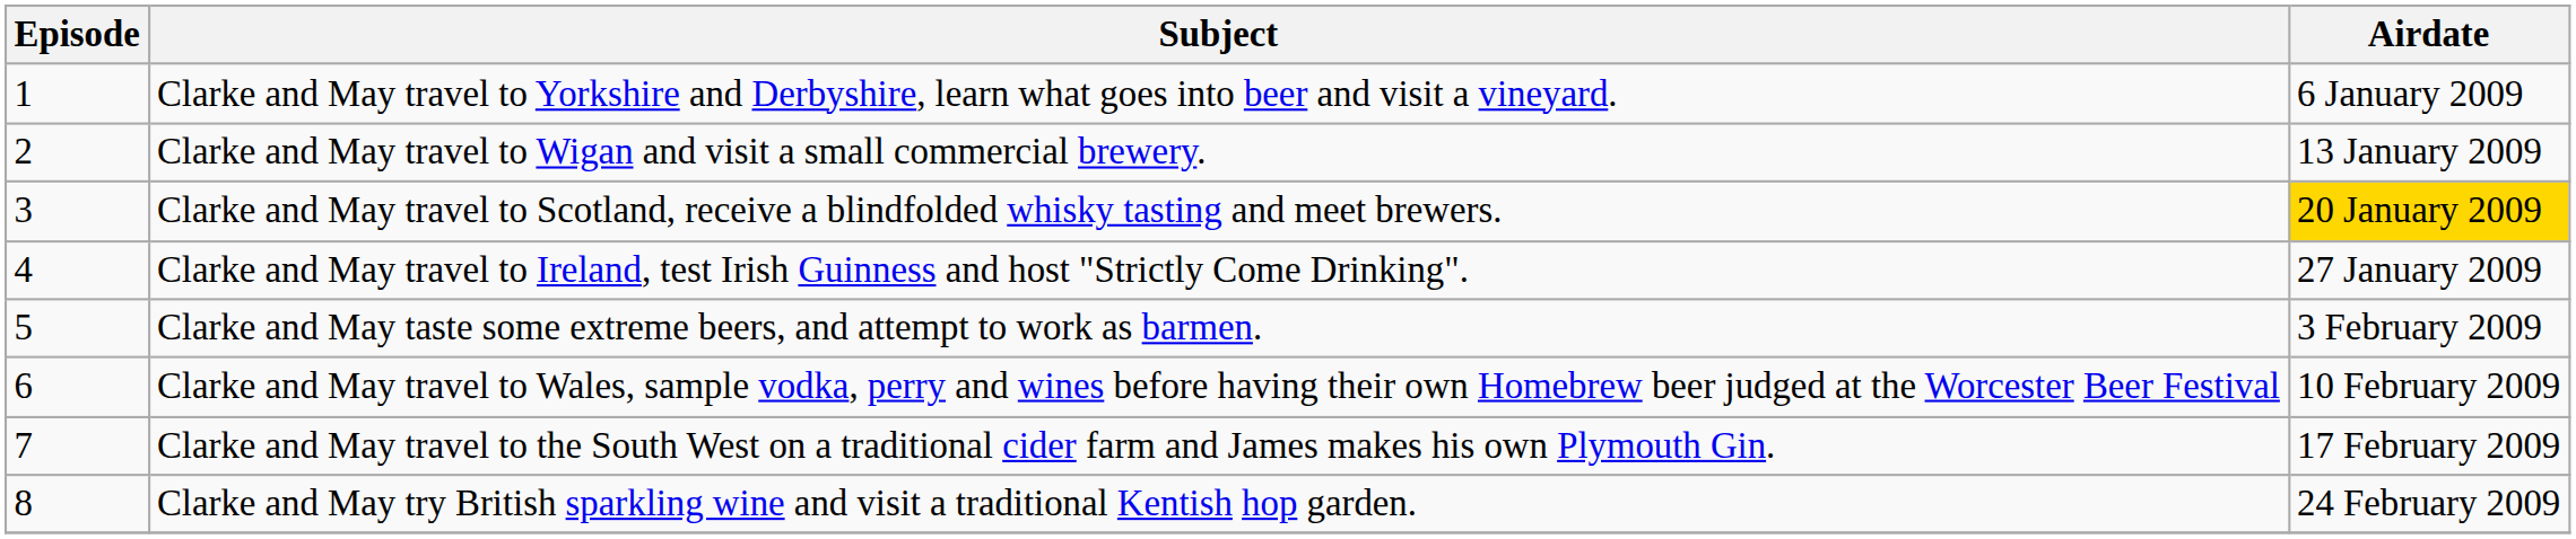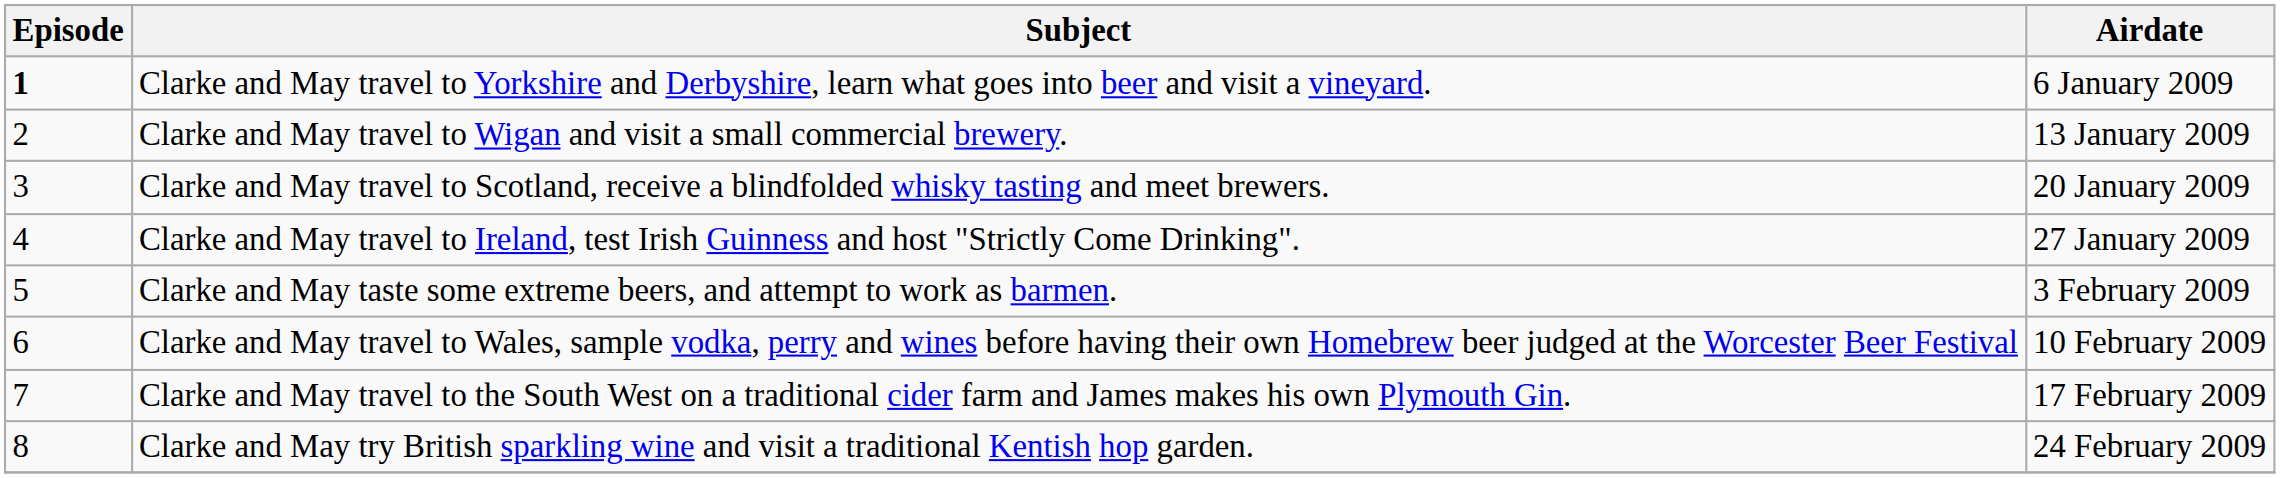 <table class="wikitable">
 <tr>
 <th>Episode</th>
 <th>Subject</th>
 <th>Airdate</th>
 </tr>
 <tr>
-<td>1</td>
+<td><strong>1</strong></td>
 <td>Clarke and May travel to <a href='#'>Yorkshire</a> and <a href='#'>Derbyshire</a>, learn what goes into <a href='#'>beer</a> and visit a <a href='#'>vineyard</a>.</td>
 <td>6 January 2009</td>
 </tr>
 <tr>
 <td>2</td>
 <td>Clarke and May travel to <a href='#'>Wigan</a> and visit a small commercial <a href='#'>brewery</a>.</td>
 <td>13 January 2009</td>
 </tr>
 <tr>
 <td>3</td>
 <td>Clarke and May travel to Scotland, receive a blindfolded <a href='#'>whisky tasting</a> and meet brewers.</td>
-<td style="background: gold;">20 January 2009</td>
+<td>20 January 2009</td>
 </tr>
 <tr>
 <td>4</td>
 <td>Clarke and May travel to <a href='#'>Ireland</a>, test Irish <a href='#'>Guinness</a> and host "Strictly Come Drinking".</td>
 <td>27 January 2009</td>
 </tr>
 <tr>
 <td>5</td>
 <td>Clarke and May taste some extreme beers, and attempt to work as <a href='#'>barmen</a>.</td>
 <td>3 February 2009</td>
 </tr>
 <tr>
 <td>6</td>
 <td>Clarke and May travel to Wales, sample <a href='#'>vodka</a>, <a href='#'>perry</a> and <a href='#'>wines</a> before having their own <a href='#'>Homebrew</a> beer judged at the <a href='#'>Worcester</a> <a href='#'>Beer Festival</a></td>
 <td>10 February 2009</td>
 </tr>
 <tr>
 <td>7</td>
 <td>Clarke and May travel to the South West on a traditional <a href='#'>cider</a> farm and James makes his own <a href='#'>Plymouth Gin</a>.</td>
 <td>17 February 2009</td>
 </tr>
 <tr>
 <td>8</td>
 <td>Clarke and May try British <a href='#'>sparkling wine</a> and visit a traditional <a href='#'>Kentish</a> <a href='#'>hop</a> garden.</td>
 <td>24 February 2009</td>
 </tr>
 <tr>
 </tr>
 </table>
